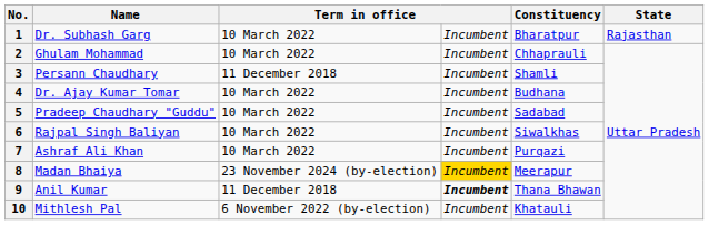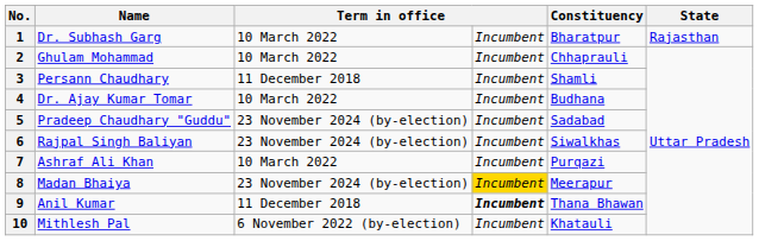 <table class="wikitable sortable">
 <tr>
 <th style="background-color:">No.</th>
 <th style="background-color:">Name</th>
 <th colspan="2" style="background-color:">Term in office</th>
 <th style="background-color:">Constituency</th>
 <th style="background-color:">State</th>
 </tr>
 <tr>
 <th>1</th>
 <td><a href='#'>Dr. Subhash Garg</a></td>
 <td>10 March 2022</td>
 <td><em>Incumbent</em></td>
 <td><a href='#'>Bharatpur</a></td>
 <td><a href='#'>Rajasthan</a></td>
 </tr>
 <tr>
 <th>2</th>
 <td><a href='#'>Ghulam Mohammad</a></td>
 <td>10 March 2022</td>
 <td><em>Incumbent</em></td>
 <td><a href='#'>Chhaprauli</a></td>
 <td rowspan="9"><a href='#'>Uttar Pradesh</a></td>
 </tr>
 <tr>
 <th>3</th>
 <td><a href='#'>Persann Chaudhary</a></td>
 <td>11 December 2018</td>
 <td><em>Incumbent</em></td>
 <td><a href='#'>Shamli</a></td>
 </tr>
 <tr>
 <th>4</th>
 <td><a href='#'>Dr. Ajay Kumar Tomar</a></td>
 <td>10 March 2022</td>
 <td><em>Incumbent</em></td>
 <td><a href='#'>Budhana</a></td>
 </tr>
 <tr>
 <th>5</th>
 <td><a href='#'>Pradeep Chaudhary "Guddu"</a></td>
-<td>10 March 2022</td>
+<td>23 November 2024 (by-election)</td>
 <td><em>Incumbent</em></td>
 <td><a href='#'>Sadabad</a></td>
 </tr>
 <tr>
 <th>6</th>
 <td><a href='#'>Rajpal Singh Baliyan</a></td>
-<td>10 March 2022</td>
+<td>23 November 2024 (by-election)</td>
 <td><em>Incumbent</em></td>
 <td><a href='#'>Siwalkhas</a></td>
 </tr>
 <tr>
 <th>7</th>
 <td><a href='#'>Ashraf Ali Khan</a></td>
 <td>10 March 2022</td>
 <td><em>Incumbent</em></td>
 <td><a href='#'>Purqazi</a></td>
 </tr>
 <tr>
 <th>8</th>
 <td><a href='#'>Madan Bhaiya</a></td>
 <td>23 November 2024 (by-election)</td>
 <td style="background: gold;"><em>Incumbent</em></td>
 <td><a href='#'>Meerapur</a></td>
 </tr>
 <tr>
 <th>9</th>
 <td><a href='#'>Anil Kumar</a></td>
 <td>11 December 2018</td>
 <td><strong><em>Incumbent</em></strong></td>
 <td><a href='#'>Thana Bhawan</a></td>
 </tr>
 <tr>
 <th>10</th>
 <td><a href='#'>Mithlesh Pal</a></td>
 <td>6 November 2022 (by-election)</td>
 <td><em>Incumbent</em></td>
 <td><a href='#'>Khatauli</a></td>
 </tr>
 </table>
